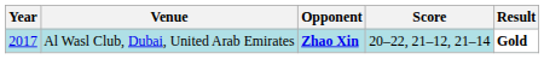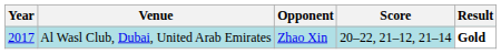 <table class="sortable wikitable" style="font-size: 90%;">
 <tr>
 <th>Year</th>
 <th>Venue</th>
 <th>Opponent</th>
 <th>Score</th>
 <th>Result</th>
 </tr>
 <tr style="background:#B0E0E6">
 <td rowspan="3" align="center"><a href='#'>2017</a></td>
 <td rowspan="3" align="left">Al Wasl Club, <a href='#'>Dubai</a>, United Arab Emirates</td>
-<td align="left"><strong> <a href='#'>Zhao Xin</a></strong></td>
+<td align="left"> <a href='#'>Zhao Xin</a></td>
 <td align="left">20–22, 21–12, 21–14</td>
 <td style="text-align:left; background:white"> <strong>Gold</strong></td>
 </tr>
 </table>
